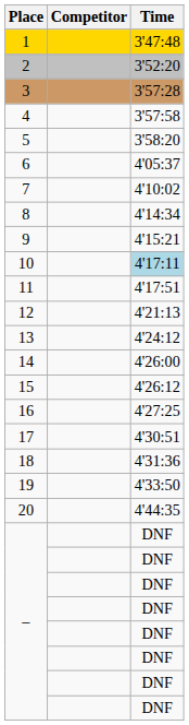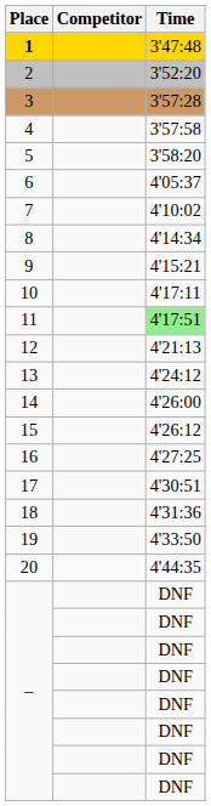 <table class=wikitable style="text-align:center">
 <tr>
 <th>Place</th>
 <th>Competitor</th>
 <th>Time</th>
 </tr>
 <tr align=center bgcolor=gold>
-<td>1</td>
+<td><strong>1</strong></td>
 <td align=left></td>
 <td>3'47:48</td>
 </tr>
 <tr align=center bgcolor=silver>
 <td>2</td>
 <td align=left></td>
 <td>3'52:20</td>
 </tr>
 <tr align=center bgcolor=cc9966>
 <td>3</td>
 <td align=left></td>
 <td>3'57:28</td>
 </tr>
 <tr>
 <td>4</td>
 <td align=left></td>
 <td>3'57:58</td>
 </tr>
 <tr>
 <td>5</td>
 <td align=left></td>
 <td>3'58:20</td>
 </tr>
 <tr>
 <td>6</td>
 <td align=left></td>
 <td>4'05:37</td>
 </tr>
 <tr>
 <td>7</td>
 <td align=left></td>
 <td>4'10:02</td>
 </tr>
 <tr>
 <td>8</td>
 <td align=left></td>
 <td>4'14:34</td>
 </tr>
 <tr>
 <td>9</td>
 <td align=left></td>
 <td>4'15:21</td>
 </tr>
 <tr>
 <td>10</td>
 <td align=left></td>
-<td style="background: lightblue;">4'17:11</td>
+<td>4'17:11</td>
 </tr>
 <tr>
 <td>11</td>
 <td align=left></td>
-<td>4'17:51</td>
+<td style="background: lightgreen;">4'17:51</td>
 </tr>
 <tr>
 <td>12</td>
 <td align=left></td>
 <td>4'21:13</td>
 </tr>
 <tr>
 <td>13</td>
 <td align=left></td>
 <td>4'24:12</td>
 </tr>
 <tr>
 <td>14</td>
 <td align=left></td>
 <td>4'26:00</td>
 </tr>
 <tr>
 <td>15</td>
 <td align=left></td>
 <td>4'26:12</td>
 </tr>
 <tr>
 <td>16</td>
 <td align=left></td>
 <td>4'27:25</td>
 </tr>
 <tr>
 <td>17</td>
 <td align=left></td>
 <td>4'30:51</td>
 </tr>
 <tr>
 <td>18</td>
 <td align=left></td>
 <td>4'31:36</td>
 </tr>
 <tr>
 <td>19</td>
 <td align=left></td>
 <td>4'33:50</td>
 </tr>
 <tr>
 <td>20</td>
 <td align=left></td>
 <td>4'44:35</td>
 </tr>
 <tr>
 <td rowspan=8>–</td>
 <td align=left></td>
 <td>DNF</td>
 </tr>
 <tr>
 <td align=left></td>
 <td>DNF</td>
 </tr>
 <tr>
 <td align=left></td>
 <td>DNF</td>
 </tr>
 <tr>
 <td align=left></td>
 <td>DNF</td>
 </tr>
 <tr>
 <td align=left></td>
 <td>DNF</td>
 </tr>
 <tr>
 <td align=left></td>
 <td>DNF</td>
 </tr>
 <tr>
 <td align=left></td>
 <td>DNF</td>
 </tr>
 <tr>
 <td align=left></td>
 <td>DNF</td>
 </tr>
 </table>
